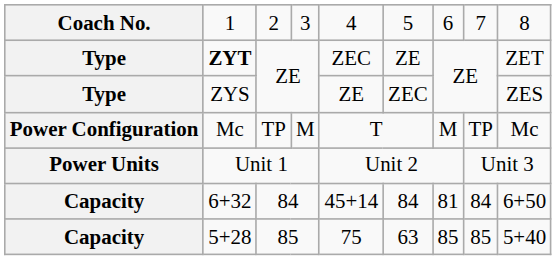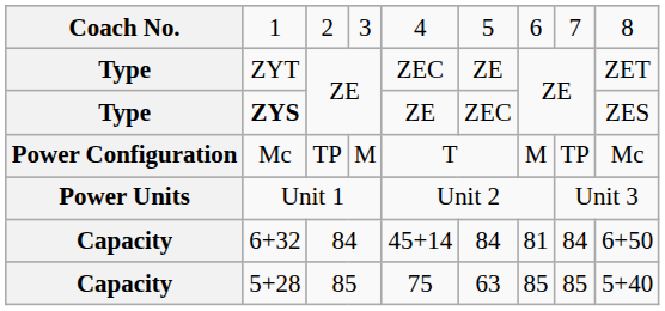 <table class="wikitable" style="text-align: center; font-size: small;">
 <tr>
 <th>Coach No.</th>
 <td>1</td>
 <td>2</td>
 <td>3</td>
 <td>4</td>
 <td>5</td>
 <td>6</td>
 <td>7</td>
 <td>8</td>
 </tr>
 <tr>
 <th>Type</th>
-<td><strong>ZYT</strong></td>
+<td>ZYT</td>
 <td colspan="2" rowspan="2">ZE</td>
 <td>ZEC</td>
 <td>ZE</td>
 <td colspan="2" rowspan="2">ZE</td>
 <td>ZET</td>
 </tr>
 <tr>
 <th>Type</th>
-<td>ZYS</td>
+<td><strong>ZYS</strong></td>
 <td>ZE</td>
 <td>ZEC</td>
 <td>ZES</td>
 </tr>
 <tr>
 <th>Power Configuration</th>
 <td>Mc</td>
 <td>TP</td>
 <td>M</td>
 <td colspan=2>T</td>
 <td>M</td>
 <td>TP</td>
 <td>Mc</td>
 </tr>
 <tr>
 <th>Power Units</th>
 <td colspan=3>Unit 1</td>
 <td colspan=3>Unit 2</td>
 <td colspan=2>Unit 3</td>
 </tr>
 <tr>
 <th>Capacity</th>
 <td>6+32</td>
 <td colspan="2">84</td>
 <td>45+14</td>
 <td>84</td>
 <td>81</td>
 <td>84</td>
 <td>6+50</td>
 </tr>
 <tr>
 <th>Capacity</th>
 <td>5+28</td>
 <td colspan="2">85</td>
 <td>75</td>
 <td>63</td>
 <td>85</td>
 <td>85</td>
 <td>5+40</td>
 </tr>
 </table>
